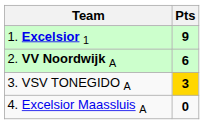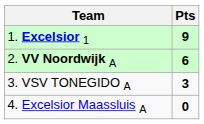 <table class="wikitable" style="text-align:center; float:left; margin-right:1em">
 <tr>
 <th style="width:200px">Team</th>
 <th width=20>Pts</th>
 </tr>
 <tr bgcolor=ccffcc>
 <td align=left>1. <strong><a href='#'>Excelsior</a></strong> <sub>1</sub></td>
 <td><strong>9</strong></td>
 </tr>
 <tr bgcolor=ccffcc>
 <td align=left>2. <strong>VV Noordwijk</strong> <sub>A</sub></td>
 <td><strong>6</strong></td>
 </tr>
 <tr>
 <td align=left>3. VSV TONEGIDO <sub>A</sub></td>
-<td style="background: gold;"><strong>3</strong></td>
+<td><strong>3</strong></td>
 </tr>
 <tr>
 <td align=left>4. <a href='#'>Excelsior Maassluis</a> <sub>A</sub></td>
 <td><strong>0</strong></td>
 </tr>
 </table>
